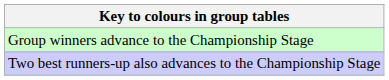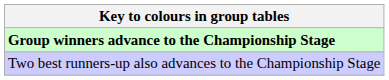 <table class="wikitable">
 <tr>
 <th>Key to colours in group tables</th>
 </tr>
 <tr bgcolor="#ccffcc">
-<td>Group winners advance to the Championship Stage</td>
+<td><strong>Group winners advance to the Championship Stage</strong></td>
 </tr>
 <tr bgcolor="#ccccff">
 <td>Two best runners-up also advances to the Championship Stage</td>
 </tr>
 </table>
